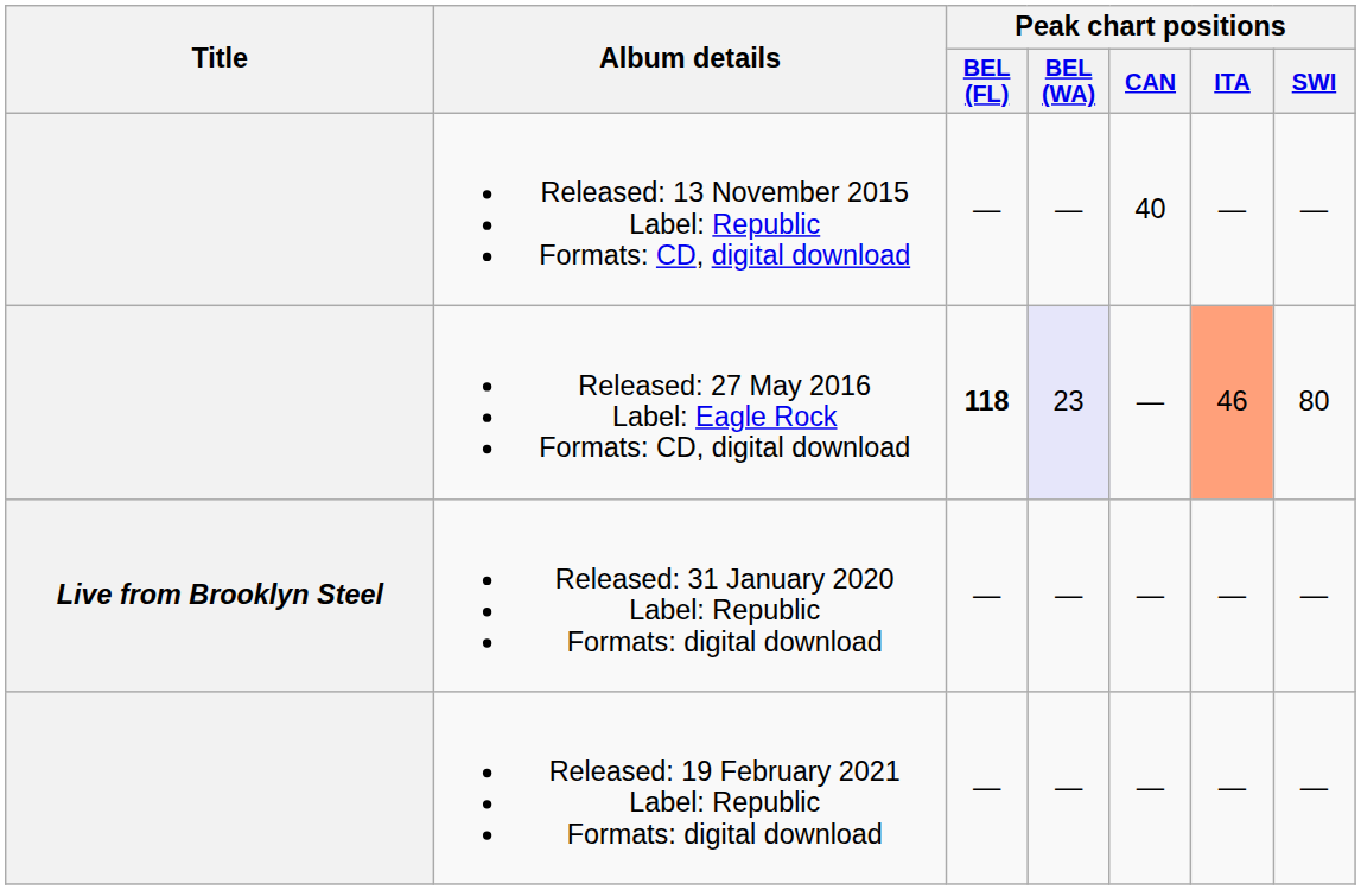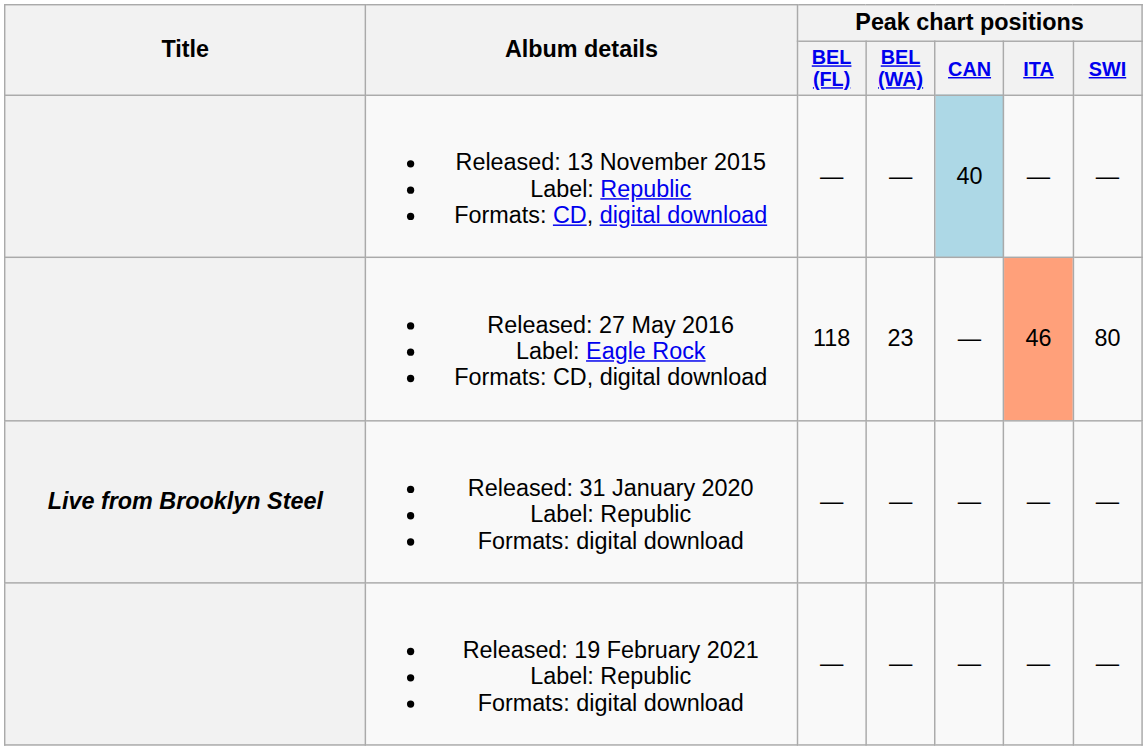 <table class="wikitable plainrowheaders" style="text-align:center;" border="1">
 <tr>
 <th scope="col" rowspan="2" style="width:15em;">Title</th>
 <th scope="col" rowspan="2" style="width:18em;">Album details</th>
 <th scope="col" colspan="5">Peak chart positions</th>
 </tr>
 <tr>
 <th scope="col" style="width:3em;font-size:85%;"><a href='#'>BEL<br>(FL)</a><br></th>
 <th scope="col" style="width:3em;font-size:85%;"><a href='#'>BEL<br>(WA)</a><br></th>
 <th scope="col" style="width:3em;font-size:85%;"><a href='#'>CAN</a><br></th>
 <th scope="col" style="width:3em;font-size:85%;"><a href='#'>ITA</a><br></th>
 <th scope="col" style="width:3em;font-size:85%;"><a href='#'>SWI</a><br></th>
 </tr>
 <tr>
 <th scope="row"><br></th>
 <td><br><ul><li>Released: 13 November 2015</li><li>Label: <a href='#'>Republic</a> </li><li>Formats: <a href='#'>CD</a>, <a href='#'>digital download</a></li></ul></td>
 <td>—</td>
 <td>—</td>
-<td>40</td>
+<td style="background: lightblue;">40</td>
 <td>—</td>
 <td>—</td>
 </tr>
 <tr>
 <th scope="row"></th>
 <td><br><ul><li>Released: 27 May 2016</li><li>Label: <a href='#'>Eagle Rock</a> </li><li>Formats: CD, digital download</li></ul></td>
-<td><strong>118</strong></td>
-<td style="background: lavender;">23</td>
+<td>118</td>
+<td>23</td>
 <td>—</td>
 <td style="background: lightsalmon;">46</td>
 <td>80</td>
 </tr>
 <tr>
 <th scope="row"><em>Live from Brooklyn Steel</em></th>
 <td><br><ul><li>Released: 31 January 2020</li><li>Label: Republic</li><li>Formats: digital download</li></ul></td>
 <td>—</td>
 <td>—</td>
 <td>—</td>
 <td>—</td>
 <td>—</td>
 </tr>
 <tr>
 <th scope="row"></th>
 <td><br><ul><li>Released: 19 February 2021</li><li>Label: Republic</li><li>Formats: digital download</li></ul></td>
 <td>—</td>
 <td>—</td>
 <td>—</td>
 <td>—</td>
 <td>—</td>
 </tr>
 </table>
